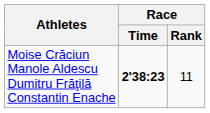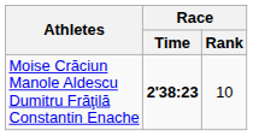 <table class="wikitable" border="1" style="font-size:90%">
 <tr>
 <th rowspan=2>Athletes</th>
 <th colspan=2>Race</th>
 </tr>
 <tr>
 <th>Time</th>
 <th>Rank</th>
 </tr>
 <tr>
 <td><a href='#'>Moise Crăciun</a><br><a href='#'>Manole Aldescu</a><br><a href='#'>Dumitru Frăţilă</a><br><a href='#'>Constantin Enache</a></td>
 <td align=center><strong>2'38:23</strong></td>
-<td align=center>11</td>
+<td align=center>10</td>
 </tr>
 </table>
